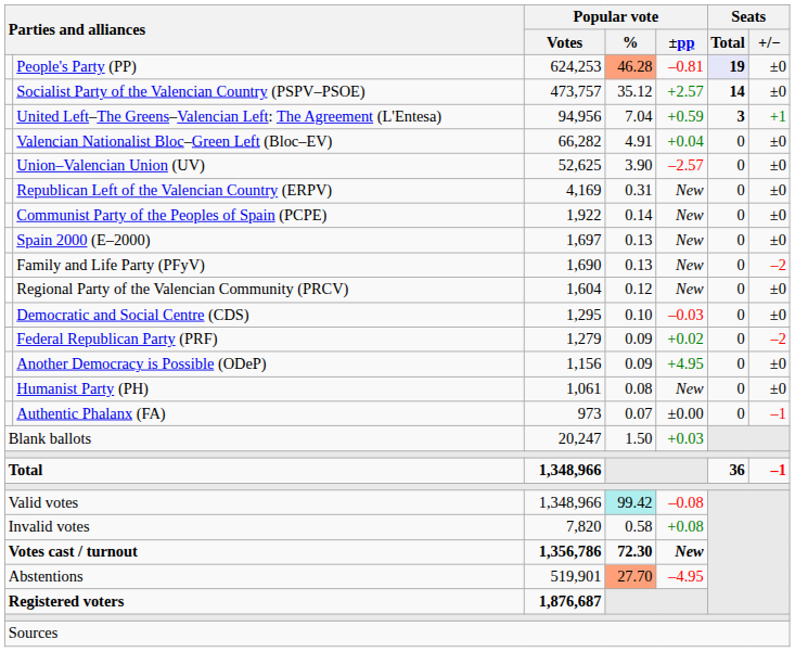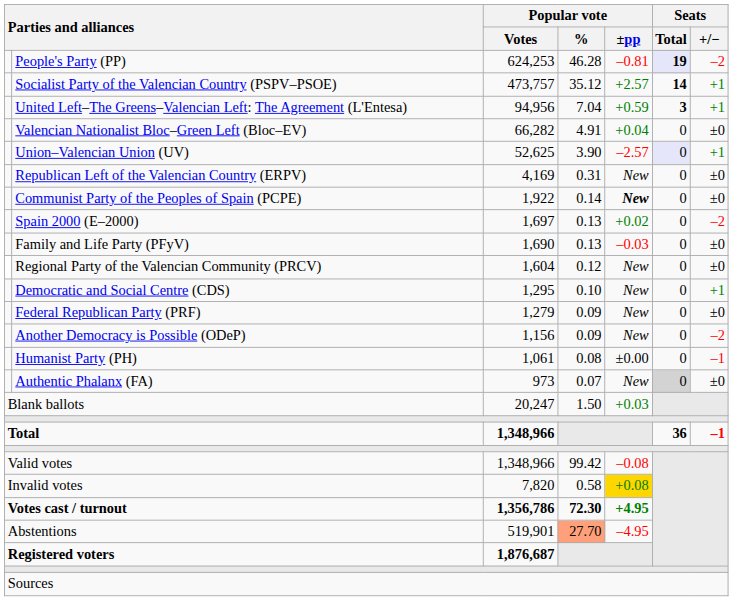 <table class="wikitable" style="text-align:right;">
 <tr>
 <th style="text-align:left;" rowspan="2" colspan="2" width="525">Parties and alliances</th>
 <th colspan="3">Popular vote</th>
 <th colspan="2">Seats</th>
 </tr>
 <tr>
 <th width="75">Votes</th>
 <th width="45">%</th>
 <th width="45">±<a href='#'>pp</a></th>
 <th width="35">Total</th>
 <th width="35">+/−</th>
 </tr>
 <tr>
 <td width="1" style="color:inherit;background:"></td>
 <td align="left"><a href='#'>People's Party</a> (PP)</td>
 <td>624,253</td>
-<td style="background: lightsalmon;">46.28</td>
+<td>46.28</td>
 <td style="color:red;">–0.81</td>
 <td style="background: lavender;"><strong>19</strong></td>
-<td>±0</td>
+<td style="color:red;">–2</td>
 </tr>
 <tr>
 <td style="color:inherit;background:"></td>
 <td align="left"><a href='#'>Socialist Party of the Valencian Country</a> (PSPV–PSOE)</td>
 <td>473,757</td>
 <td>35.12</td>
 <td style="color:green;">+2.57</td>
 <td><strong>14</strong></td>
-<td>±0</td>
+<td style="color:green;">+1</td>
 </tr>
 <tr>
 <td style="color:inherit;background:"></td>
 <td align="left"><a href='#'>United Left</a>–<a href='#'>The Greens</a>–<a href='#'>Valencian Left</a>: <a href='#'>The Agreement</a> (L'Entesa)</td>
 <td>94,956</td>
 <td>7.04</td>
 <td style="color:green;">+0.59</td>
 <td><strong>3</strong></td>
 <td style="color:green;">+1</td>
 </tr>
 <tr>
 <td style="color:inherit;background:"></td>
 <td align="left"><a href='#'>Valencian Nationalist Bloc</a>–<a href='#'>Green Left</a> (Bloc–EV)</td>
 <td>66,282</td>
 <td>4.91</td>
 <td style="color:green;">+0.04</td>
 <td>0</td>
 <td>±0</td>
 </tr>
 <tr>
 <td style="color:inherit;background:"></td>
 <td align="left"><a href='#'>Union–Valencian Union</a> (UV)</td>
 <td>52,625</td>
 <td>3.90</td>
 <td style="color:red;">–2.57</td>
-<td>0</td>
-<td>±0</td>
+<td style="background: lavender;">0</td>
+<td style="color:green;">+1</td>
 </tr>
 <tr>
 <td style="color:inherit;background:"></td>
 <td align="left"><a href='#'>Republican Left of the Valencian Country</a> (ERPV)</td>
 <td>4,169</td>
 <td>0.31</td>
 <td><em>New</em></td>
 <td>0</td>
 <td>±0</td>
 </tr>
 <tr>
 <td style="color:inherit;background:"></td>
 <td align="left"><a href='#'>Communist Party of the Peoples of Spain</a> (PCPE)</td>
 <td>1,922</td>
 <td>0.14</td>
-<td><em>New</em></td>
+<td><strong><em>New</em></strong></td>
 <td>0</td>
 <td>±0</td>
 </tr>
 <tr>
 <td style="color:inherit;background:"></td>
 <td align="left"><a href='#'>Spain 2000</a> (E–2000)</td>
 <td>1,697</td>
 <td>0.13</td>
-<td><em>New</em></td>
+<td style="color:green;">+0.02</td>
 <td>0</td>
-<td>±0</td>
+<td style="color:red;">–2</td>
 </tr>
 <tr>
 <td style="color:inherit;background:"></td>
 <td align="left">Family and Life Party (PFyV)</td>
 <td>1,690</td>
 <td>0.13</td>
-<td><em>New</em></td>
+<td style="color:red;">–0.03</td>
 <td>0</td>
-<td style="color:red;">–2</td>
+<td>±0</td>
 </tr>
 <tr>
 <td bgcolor="white"></td>
 <td align="left">Regional Party of the Valencian Community (PRCV)</td>
 <td>1,604</td>
 <td>0.12</td>
 <td><em>New</em></td>
 <td>0</td>
 <td>±0</td>
 </tr>
 <tr>
 <td style="color:inherit;background:"></td>
 <td align="left"><a href='#'>Democratic and Social Centre</a> (CDS)</td>
 <td>1,295</td>
 <td>0.10</td>
-<td style="color:red;">–0.03</td>
+<td><em>New</em></td>
 <td>0</td>
-<td>±0</td>
+<td style="color:green;">+1</td>
 </tr>
 <tr>
 <td style="color:inherit;background:"></td>
 <td align="left"><a href='#'>Federal Republican Party</a> (PRF)</td>
 <td>1,279</td>
 <td>0.09</td>
-<td style="color:green;">+0.02</td>
+<td><em>New</em></td>
 <td>0</td>
-<td style="color:red;">–2</td>
+<td>±0</td>
 </tr>
 <tr>
 <td style="color:inherit;background:"></td>
 <td align="left"><a href='#'>Another Democracy is Possible</a> (ODeP)</td>
 <td>1,156</td>
 <td>0.09</td>
-<td style="color:green;">+4.95</td>
+<td><em>New</em></td>
 <td>0</td>
-<td>±0</td>
+<td style="color:red;">–2</td>
 </tr>
 <tr>
 <td style="color:inherit;background:"></td>
 <td align="left"><a href='#'>Humanist Party</a> (PH)</td>
 <td>1,061</td>
 <td>0.08</td>
-<td><em>New</em></td>
+<td>±0.00</td>
 <td>0</td>
-<td>±0</td>
+<td style="color:red;">–1</td>
 </tr>
 <tr>
 <td style="color:inherit;background:"></td>
 <td align="left"><a href='#'>Authentic Phalanx</a> (FA)</td>
 <td>973</td>
 <td>0.07</td>
-<td>±0.00</td>
-<td>0</td>
-<td style="color:red;">–1</td>
+<td><em>New</em></td>
+<td style="background: lightgrey;">0</td>
+<td>±0</td>
 </tr>
 <tr>
 <td align="left" colspan="2">Blank ballots</td>
 <td>20,247</td>
 <td>1.50</td>
 <td style="color:green;">+0.03</td>
 <td bgcolor="#E9E9E9" colspan="2"></td>
 </tr>
 <tr>
 <td colspan="7" bgcolor="#E9E9E9"></td>
 </tr>
 <tr style="font-weight:bold;">
 <td align="left" colspan="2">Total</td>
 <td>1,348,966</td>
 <td bgcolor="#E9E9E9" colspan="2"></td>
 <td>36</td>
 <td style="color:red;">–1</td>
 </tr>
 <tr>
 <td colspan="7" bgcolor="#E9E9E9"></td>
 </tr>
 <tr>
 <td align="left" colspan="2">Valid votes</td>
 <td>1,348,966</td>
-<td style="background: paleturquoise;">99.42</td>
+<td>99.42</td>
 <td style="color:red;">–0.08</td>
 <td bgcolor="#E9E9E9" colspan="2" rowspan="5"></td>
 </tr>
 <tr>
 <td align="left" colspan="2">Invalid votes</td>
 <td>7,820</td>
 <td>0.58</td>
-<td style="color:green;">+0.08</td>
+<td style="background: gold; color:green;">+0.08</td>
 </tr>
 <tr style="font-weight:bold;">
 <td align="left" colspan="2">Votes cast / turnout</td>
 <td>1,356,786</td>
 <td>72.30</td>
-<td><em>New</em></td>
+<td style="color:green;">+4.95</td>
 </tr>
 <tr>
 <td align="left" colspan="2">Abstentions</td>
 <td>519,901</td>
 <td style="background: lightsalmon;">27.70</td>
 <td style="color:red;">–4.95</td>
 </tr>
 <tr style="font-weight:bold;">
 <td align="left" colspan="2">Registered voters</td>
 <td>1,876,687</td>
 <td bgcolor="#E9E9E9" colspan="2"></td>
 </tr>
 <tr>
 <td colspan="7" bgcolor="#E9E9E9"></td>
 </tr>
 <tr>
 <td align="left" colspan="7">Sources</td>
 </tr>
 </table>
